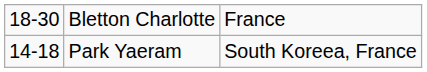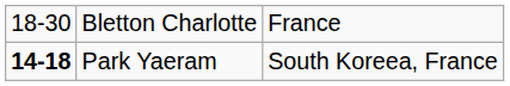 <table class="wikitable">
 <tr>
 <td>18-30</td>
 <td>Bletton Charlotte</td>
 <td>France</td>
 </tr>
 <tr>
-<td>14-18</td>
+<td><strong>14-18</strong></td>
 <td>Park Yaeram</td>
 <td>South Koreea, France</td>
 </tr>
 </table>
